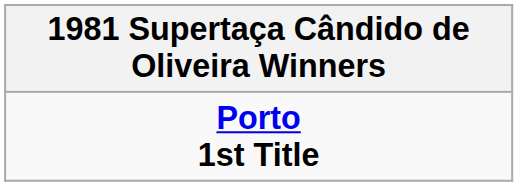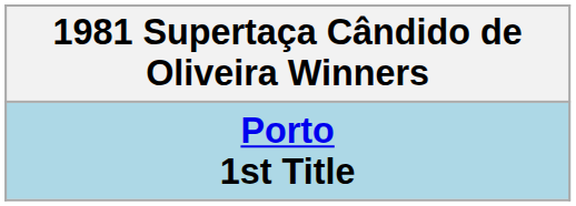 <table class="wikitable" style="text-align: center; margin: 0 auto; width: 20%">
 <tr>
 <th>1981 Supertaça Cândido de Oliveira Winners</th>
 </tr>
 <tr>
-<td><strong><a href='#'>Porto</a></strong><br><strong>1st Title</strong></td>
+<td style="background: lightblue;"><strong><a href='#'>Porto</a></strong><br><strong>1st Title</strong></td>
 </tr>
 </table>
